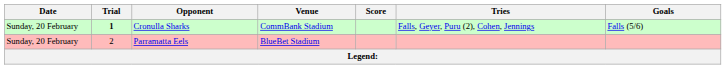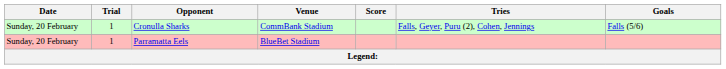 <table style="font-size:75%;" class="wikitable">
 <tr>
 <th style="width:115px;">Date</th>
 <th style="width:50px;">Trial</th>
 <th style="width:170px;">Opponent</th>
 <th style="width:130px;">Venue</th>
 <th style="width:50px;">Score</th>
 <th style="width:285px;">Tries</th>
 <th style="width:155px;">Goals</th>
 </tr>
 <tr style="background:#cfc;">
 <td>Sunday, 20 February</td>
-<td style="text-align:center;"><strong>1</strong></td>
+<td style="text-align:center;">1</td>
 <td> <a href='#'>Cronulla Sharks</a></td>
 <td><a href='#'>CommBank Stadium</a></td>
 <td style="text-align:center;"></td>
 <td><a href='#'>Falls</a>, <a href='#'>Geyer</a>, <a href='#'>Puru</a> (2), <a href='#'>Cohen</a>, <a href='#'>Jennings</a></td>
 <td><a href='#'>Falls</a> (5/6)</td>
 </tr>
 <tr style="background:#FFBBBB">
 <td>Sunday, 20 February</td>
-<td style="text-align:center;">2</td>
+<td style="text-align:center;">1</td>
 <td> <a href='#'>Parramatta Eels</a></td>
 <td><a href='#'>BlueBet Stadium</a></td>
 <td style="text-align:center;"></td>
 <td></td>
 <td></td>
 </tr>
 <tr>
 <th colspan="7"><strong>Legend</strong>:   </th>
 </tr>
 </table>
